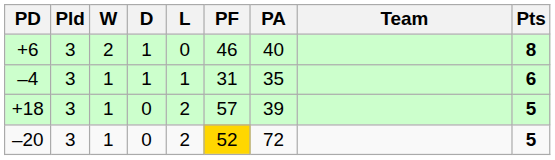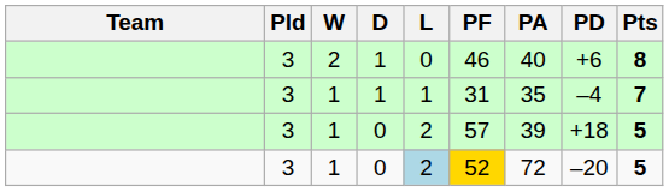 <table class="wikitable" style="text-align:center;">
 <tr>
-<th width=32 abbr="Points difference">PD</th>
+<th width=175>Team</th>
 <th width=25 abbr="Played">Pld</th>
 <th width=25 abbr="Won">W</th>
 <th width=25 abbr="Drawn">D</th>
 <th width=25 abbr="Lost">L</th>
 <th width=32 abbr="Points for">PF</th>
 <th width=32 abbr="Points against">PA</th>
-<th width=175>Team</th>
+<th width=32 abbr="Points difference">PD</th>
 <th width=25 abbr="Points">Pts</th>
 </tr>
 <tr bgcolor=ccffcc>
-<td>+6</td>
+<td align=left></td>
 <td>3</td>
 <td>2</td>
 <td>1</td>
 <td>0</td>
 <td>46</td>
 <td>40</td>
-<td align=left></td>
+<td>+6</td>
 <td><strong>8</strong></td>
 </tr>
 <tr bgcolor=ccffcc>
-<td>–4</td>
+<td align=left></td>
 <td>3</td>
 <td>1</td>
 <td>1</td>
 <td>1</td>
 <td>31</td>
 <td>35</td>
-<td align=left></td>
-<td><strong>6</strong></td>
+<td>–4</td>
+<td><strong>7</strong></td>
 </tr>
 <tr bgcolor=ccffcc>
-<td>+18</td>
+<td align=left></td>
 <td>3</td>
 <td>1</td>
 <td>0</td>
 <td>2</td>
 <td>57</td>
 <td>39</td>
-<td align=left></td>
+<td>+18</td>
 <td><strong>5</strong></td>
 </tr>
 <tr>
-<td>–20</td>
+<td align=left></td>
 <td>3</td>
 <td>1</td>
 <td>0</td>
-<td>2</td>
+<td style="background: lightblue;">2</td>
 <td style="background: gold;">52</td>
 <td>72</td>
-<td align=left></td>
+<td>–20</td>
 <td><strong>5</strong></td>
 </tr>
 </table>
